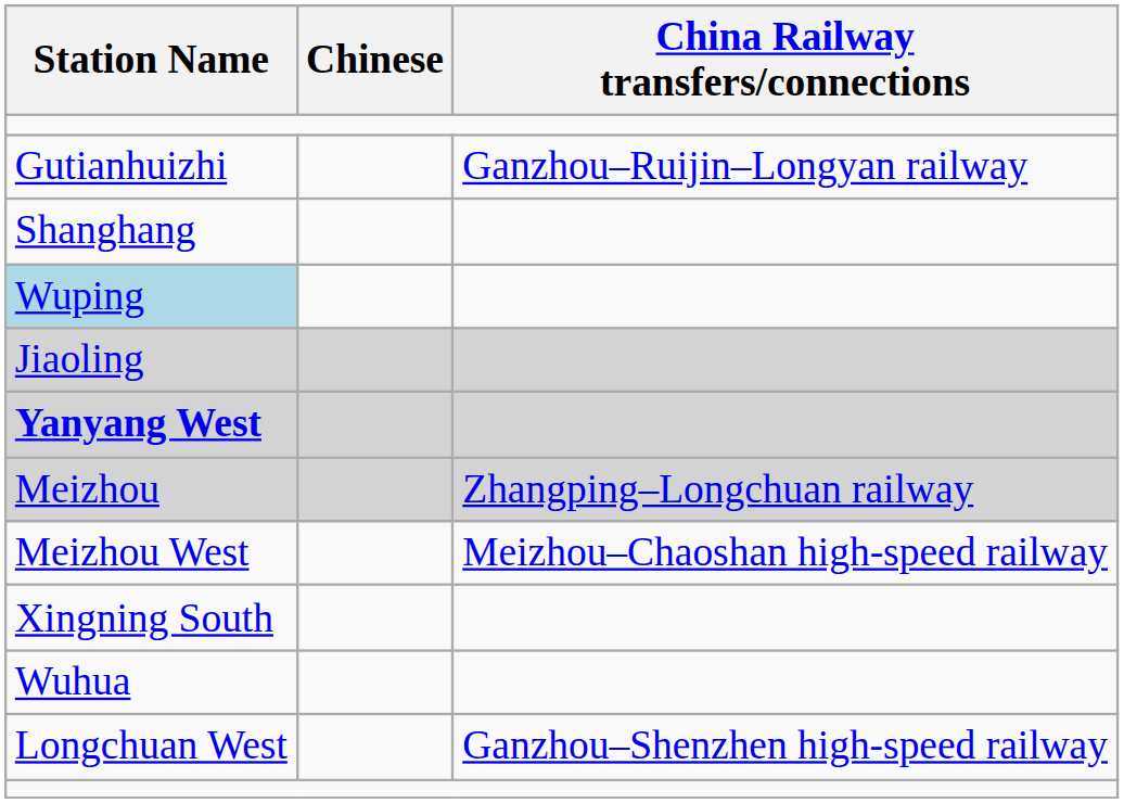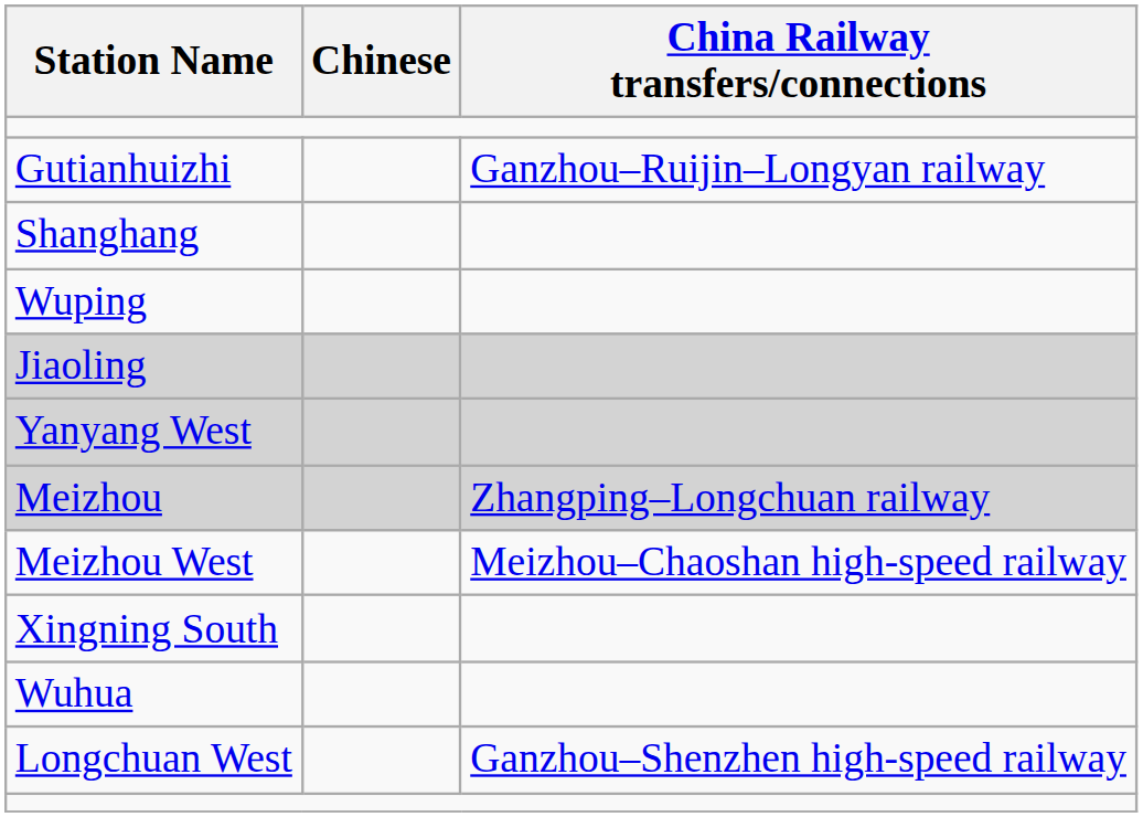 <table class="wikitable">
 <tr>
 <th>Station Name</th>
 <th>Chinese<br></th>
 <th><a href='#'>China Railway</a><br>transfers/connections<br> </th>
 </tr>
 <tr style="background:#">
 <td colspan = "11"></td>
 </tr>
 <tr>
 <td><a href='#'>Gutianhuizhi</a></td>
 <td></td>
 <td><a href='#'>Ganzhou–Ruijin–Longyan railway</a></td>
 </tr>
 <tr>
 <td><a href='#'>Shanghang</a></td>
 <td></td>
 <td></td>
 </tr>
 <tr>
-<td style="background: lightblue;"><a href='#'>Wuping</a></td>
+<td><a href='#'>Wuping</a></td>
 <td></td>
 <td></td>
 </tr>
 <tr bgcolor="lightgrey">
 <td><a href='#'>Jiaoling</a></td>
 <td></td>
 <td></td>
 </tr>
 <tr bgcolor="lightgrey">
-<td><strong><a href='#'>Yanyang West</a></strong></td>
+<td><a href='#'>Yanyang West</a></td>
 <td></td>
 <td></td>
 </tr>
 <tr bgcolor="lightgrey">
 <td><a href='#'>Meizhou</a></td>
 <td></td>
 <td><a href='#'>Zhangping–Longchuan railway</a></td>
 </tr>
 <tr>
 <td><a href='#'>Meizhou West</a></td>
 <td></td>
 <td><a href='#'>Meizhou–Chaoshan high-speed railway</a></td>
 </tr>
 <tr>
 <td><a href='#'>Xingning South</a></td>
 <td></td>
 <td></td>
 </tr>
 <tr>
 <td><a href='#'>Wuhua</a></td>
 <td></td>
 <td></td>
 </tr>
 <tr>
 <td><a href='#'>Longchuan West</a></td>
 <td></td>
 <td><a href='#'>Ganzhou–Shenzhen high-speed railway</a></td>
 </tr>
 <tr style="background:#">
 <td colspan = "11"></td>
 </tr>
 </table>
